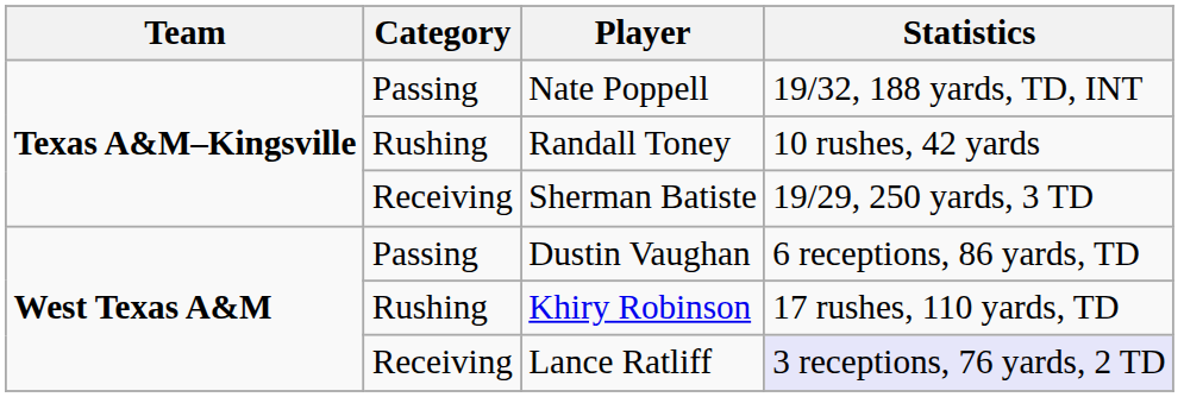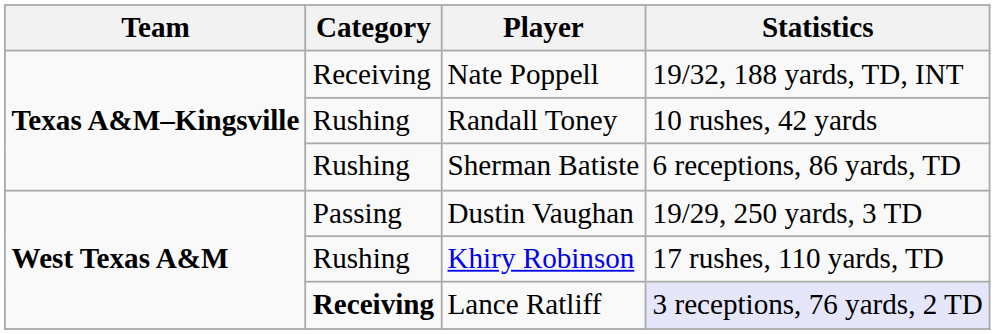 <table class="wikitable" style="float: left;">
 <tr>
 <th>Team</th>
 <th>Category</th>
 <th>Player</th>
 <th>Statistics</th>
 </tr>
 <tr>
 <td rowspan=3><strong>Texas A&M–Kingsville</strong></td>
-<td>Passing</td>
+<td>Receiving</td>
 <td>Nate Poppell</td>
 <td>19/32, 188 yards, TD, INT</td>
 </tr>
 <tr>
 <td>Rushing</td>
 <td>Randall Toney</td>
 <td>10 rushes, 42 yards</td>
 </tr>
 <tr>
-<td>Receiving</td>
+<td>Rushing</td>
 <td>Sherman Batiste</td>
-<td>19/29, 250 yards, 3 TD</td>
+<td>6 receptions, 86 yards, TD</td>
 </tr>
 <tr>
 <td rowspan=3><strong>West Texas A&M</strong></td>
 <td>Passing</td>
 <td>Dustin Vaughan</td>
-<td>6 receptions, 86 yards, TD</td>
+<td>19/29, 250 yards, 3 TD</td>
 </tr>
 <tr>
 <td>Rushing</td>
 <td><a href='#'>Khiry Robinson</a></td>
 <td>17 rushes, 110 yards, TD</td>
 </tr>
 <tr>
-<td>Receiving</td>
+<td><strong>Receiving</strong></td>
 <td>Lance Ratliff</td>
 <td style="background: lavender;">3 receptions, 76 yards, 2 TD</td>
 </tr>
 </table>
